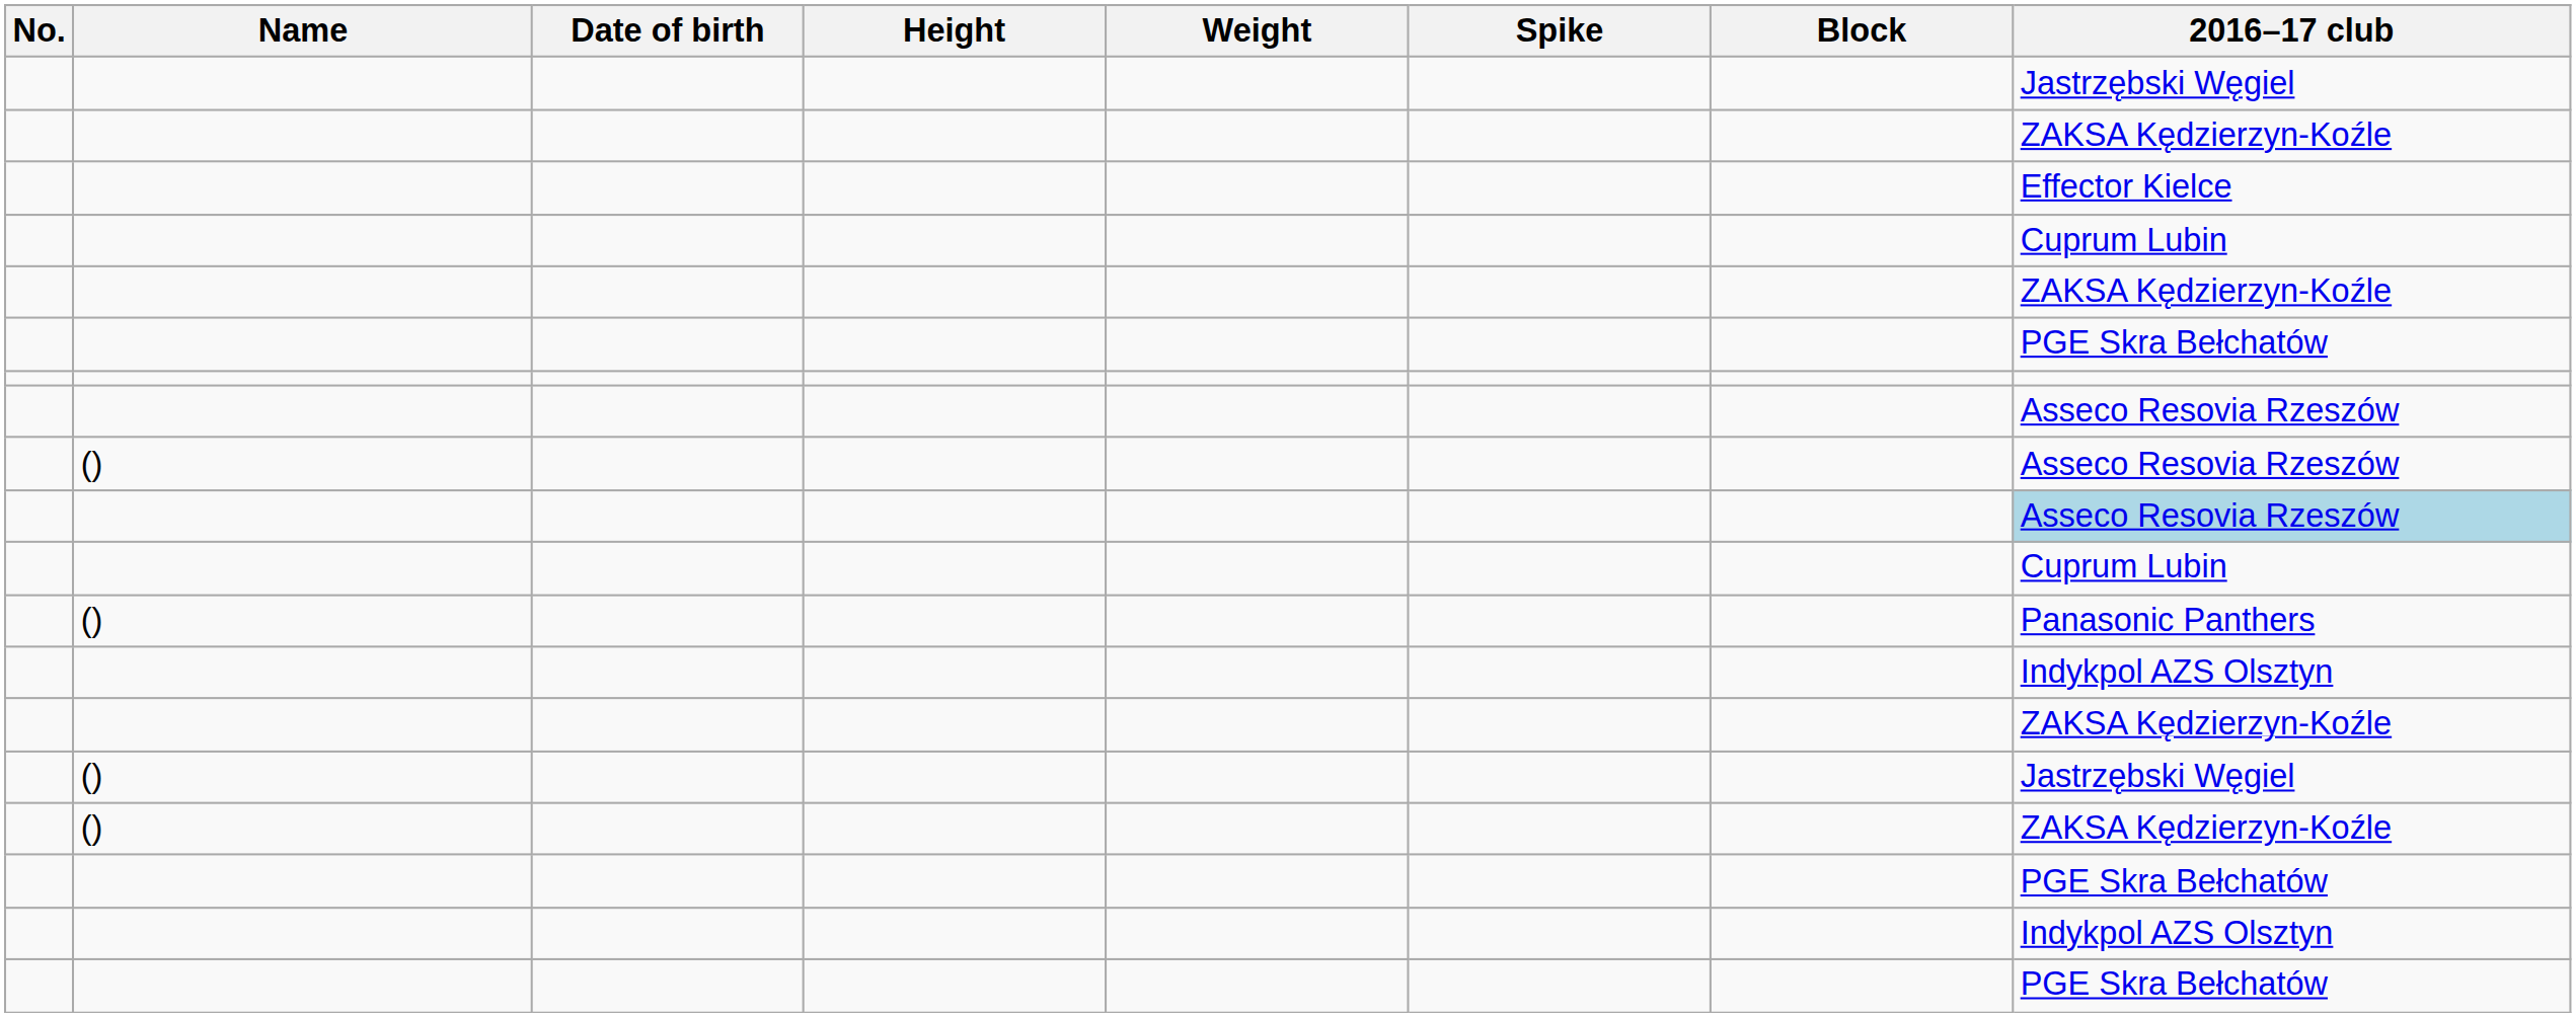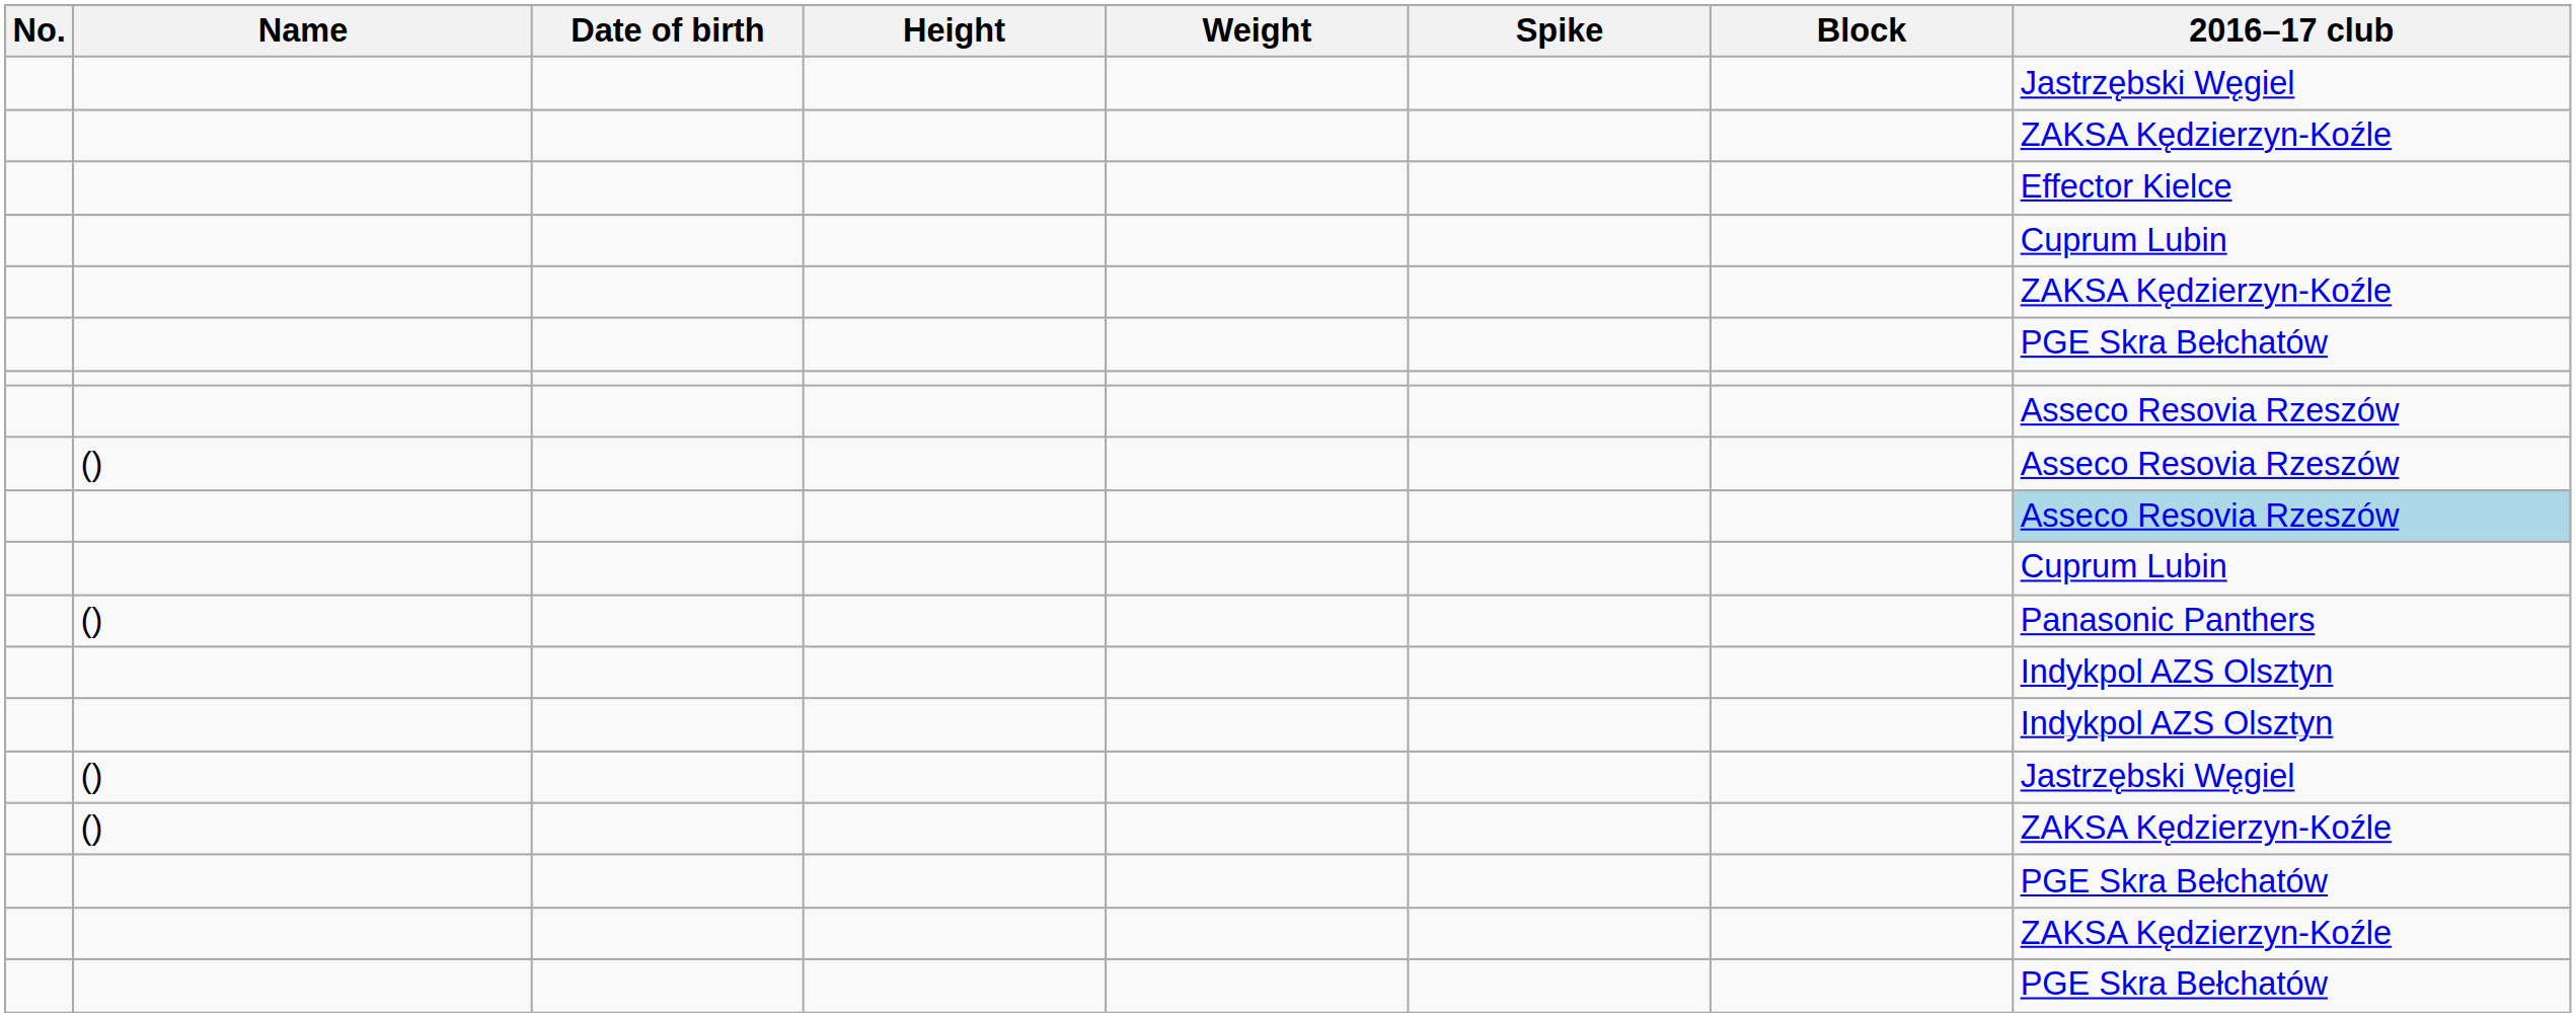 <table class="wikitable sortable" style="font-size:100%; text-align:center;">
 <tr>
 <th>No.</th>
 <th style="width:14em">Name</th>
 <th style="width:8em">Date of birth</th>
 <th style="width:9em">Height</th>
 <th style="width:9em">Weight</th>
 <th style="width:9em">Spike</th>
 <th style="width:9em">Block</th>
 <th style="width:17em">2016–17 club</th>
 </tr>
 <tr>
 <td></td>
 <td align=left></td>
 <td align=right></td>
 <td></td>
 <td></td>
 <td></td>
 <td></td>
 <td align=left> <a href='#'>Jastrzębski Węgiel</a></td>
 </tr>
 <tr>
 <td></td>
 <td align=left></td>
 <td align=right></td>
 <td></td>
 <td></td>
 <td></td>
 <td></td>
 <td align=left> <a href='#'>ZAKSA Kędzierzyn-Koźle</a></td>
 </tr>
 <tr>
 <td></td>
 <td align=left></td>
 <td align=right></td>
 <td></td>
 <td></td>
 <td></td>
 <td></td>
 <td align=left> <a href='#'>Effector Kielce</a></td>
 </tr>
 <tr>
 <td></td>
 <td align=left></td>
 <td align=right></td>
 <td></td>
 <td></td>
 <td></td>
 <td></td>
 <td align=left> <a href='#'>Cuprum Lubin</a></td>
 </tr>
 <tr>
 <td></td>
 <td align=left></td>
 <td align=right></td>
 <td></td>
 <td></td>
 <td></td>
 <td></td>
 <td align=left> <a href='#'>ZAKSA Kędzierzyn-Koźle</a></td>
 </tr>
 <tr>
 <td></td>
 <td align=left></td>
 <td align=right></td>
 <td></td>
 <td></td>
 <td></td>
 <td></td>
 <td align=left> <a href='#'>PGE Skra Bełchatów</a></td>
 </tr>
 <tr>
 <td></td>
 <td align=left></td>
 <td align=right></td>
 <td></td>
 <td></td>
 <td></td>
 <td></td>
 <td align=left></td>
 </tr>
 <tr>
 <td></td>
 <td align=left></td>
 <td align=right></td>
 <td></td>
 <td></td>
 <td></td>
 <td></td>
 <td align=left> <a href='#'>Asseco Resovia Rzeszów</a></td>
 </tr>
 <tr>
 <td></td>
 <td align=left> ()</td>
 <td align=right></td>
 <td></td>
 <td></td>
 <td></td>
 <td></td>
 <td align=left> <a href='#'>Asseco Resovia Rzeszów</a></td>
 </tr>
 <tr>
 <td></td>
 <td align=left></td>
 <td align=right></td>
 <td></td>
 <td></td>
 <td></td>
 <td></td>
 <td align=left style="background: lightblue;"> <a href='#'>Asseco Resovia Rzeszów</a></td>
 </tr>
 <tr>
 <td></td>
 <td align=left></td>
 <td align=right></td>
 <td></td>
 <td></td>
 <td></td>
 <td></td>
 <td align=left> <a href='#'>Cuprum Lubin</a></td>
 </tr>
 <tr>
 <td></td>
 <td align=left> ()</td>
 <td align=right></td>
 <td></td>
 <td></td>
 <td></td>
 <td></td>
 <td align=left> <a href='#'>Panasonic Panthers</a></td>
 </tr>
 <tr>
 <td></td>
 <td align=left></td>
 <td align=right></td>
 <td></td>
 <td></td>
 <td></td>
 <td></td>
 <td align=left> <a href='#'>Indykpol AZS Olsztyn</a></td>
 </tr>
 <tr>
 <td></td>
 <td align=left></td>
 <td align=right></td>
 <td></td>
 <td></td>
 <td></td>
 <td></td>
-<td align=left> <a href='#'>ZAKSA Kędzierzyn-Koźle</a></td>
+<td align=left> <a href='#'>Indykpol AZS Olsztyn</a></td>
 </tr>
 <tr>
 <td></td>
 <td align=left> ()</td>
 <td align=right></td>
 <td></td>
 <td></td>
 <td></td>
 <td></td>
 <td align=left> <a href='#'>Jastrzębski Węgiel</a></td>
 </tr>
 <tr>
 <td></td>
 <td align=left> ()</td>
 <td align=right></td>
 <td></td>
 <td></td>
 <td></td>
 <td></td>
 <td align=left> <a href='#'>ZAKSA Kędzierzyn-Koźle</a></td>
 </tr>
 <tr>
 <td></td>
 <td align=left></td>
 <td align=right></td>
 <td></td>
 <td></td>
 <td></td>
 <td></td>
 <td align=left> <a href='#'>PGE Skra Bełchatów</a></td>
 </tr>
 <tr>
 <td></td>
 <td align=left></td>
 <td align=right></td>
 <td></td>
 <td></td>
 <td></td>
 <td></td>
-<td align=left> <a href='#'>Indykpol AZS Olsztyn</a></td>
+<td align=left> <a href='#'>ZAKSA Kędzierzyn-Koźle</a></td>
 </tr>
 <tr>
 <td></td>
 <td align=left></td>
 <td align=right></td>
 <td></td>
 <td></td>
 <td></td>
 <td></td>
 <td align=left> <a href='#'>PGE Skra Bełchatów</a></td>
 </tr>
 </table>
